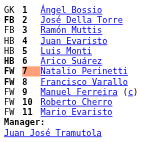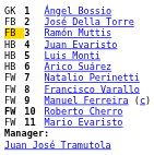 <table style="font-size:90%; margin:0.2em auto;" cellspacing="0" cellpadding="0">
 <tr>
 <th width="25"></th>
 <th width="25"></th>
 </tr>
 <tr>
 <td>GK</td>
 <td><strong>1</strong></td>
 <td><a href='#'>Ángel Bossio</a></td>
 </tr>
 <tr>
-<td><strong>FB</strong></td>
+<td>FB</td>
 <td><strong>2</strong></td>
 <td><a href='#'>José Della Torre</a></td>
 </tr>
 <tr>
-<td>FB</td>
+<td style="background: gold;">FB</td>
 <td><strong>3</strong></td>
 <td><a href='#'>Ramón Muttis</a></td>
 </tr>
 <tr>
 <td>HB</td>
 <td><strong>4</strong></td>
 <td><a href='#'>Juan Evaristo</a></td>
 </tr>
 <tr>
 <td>HB</td>
 <td><strong>5</strong></td>
 <td><a href='#'>Luis Monti</a></td>
 </tr>
 <tr>
-<td><strong>HB</strong></td>
+<td>HB</td>
 <td><strong>6</strong></td>
 <td><a href='#'>Arico Suárez</a></td>
 </tr>
 <tr>
-<td><strong>FW</strong></td>
-<td style="background: lightsalmon;"><strong>7</strong></td>
+<td>FW</td>
+<td><strong>7</strong></td>
 <td><a href='#'>Natalio Perinetti</a></td>
 </tr>
 <tr>
-<td><strong>FW</strong></td>
+<td>FW</td>
 <td><strong>8</strong></td>
 <td><a href='#'>Francisco Varallo</a></td>
 </tr>
 <tr>
 <td>FW</td>
 <td><strong>9</strong></td>
 <td><a href='#'>Manuel Ferreira</a> (<a href='#'>c</a>)</td>
 </tr>
 <tr>
-<td>FW</td>
+<td><strong>FW</strong></td>
 <td><strong>10</strong></td>
 <td><a href='#'>Roberto Cherro</a></td>
 </tr>
 <tr>
 <td>FW</td>
 <td><strong>11</strong></td>
 <td><a href='#'>Mario Evaristo</a></td>
 </tr>
 <tr>
 <td colspan=3><strong>Manager:</strong></td>
 </tr>
 <tr>
 <td colspan=4><a href='#'>Juan José Tramutola</a></td>
 </tr>
 </table>
